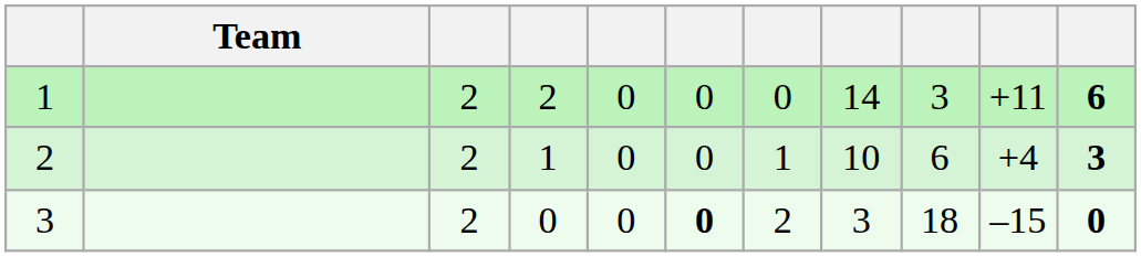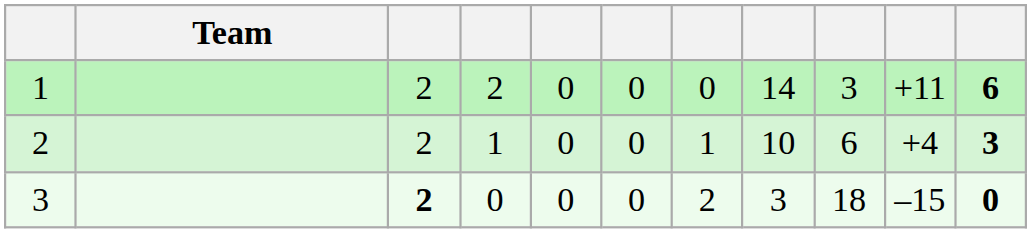 <table class="wikitable" style="text-align: center; font-size: 97%;">
 <tr>
 <th width="25"></th>
 <th width="135">Team</th>
 <th width="25"></th>
 <th width="25"></th>
 <th width="25"></th>
 <th width="25"></th>
 <th width="25"></th>
 <th width="25"></th>
 <th width="25"></th>
 <th width="25"></th>
 <th width="25"></th>
 </tr>
 <tr bgcolor=#bbf3bb>
 <td>1</td>
 <td align=left></td>
 <td>2</td>
 <td>2</td>
 <td>0</td>
 <td>0</td>
 <td>0</td>
 <td>14</td>
 <td>3</td>
 <td>+11</td>
 <td><strong>6</strong></td>
 </tr>
 <tr bgcolor=#d5f4d5>
 <td>2</td>
 <td align=left></td>
 <td>2</td>
 <td>1</td>
 <td>0</td>
 <td>0</td>
 <td>1</td>
 <td>10</td>
 <td>6</td>
 <td>+4</td>
 <td><strong>3</strong></td>
 </tr>
 <tr bgcolor=#edfced>
 <td>3</td>
 <td align=left></td>
-<td>2</td>
+<td><strong>2</strong></td>
 <td>0</td>
 <td>0</td>
-<td><strong>0</strong></td>
+<td>0</td>
 <td>2</td>
 <td>3</td>
 <td>18</td>
 <td>–15</td>
 <td><strong>0</strong></td>
 </tr>
 </table>
